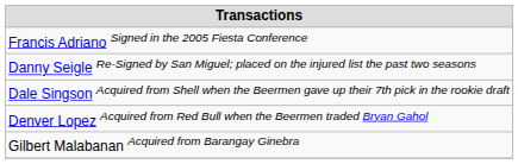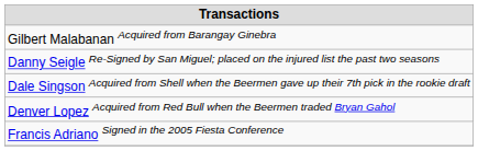 <table class="wikitable">
 <tr>
 <th style="background:#dddddd;">Transactions</th>
 </tr>
 <tr>
-<td><a href='#'>Francis Adriano</a> <sup><em>Signed in the 2005 Fiesta Conference</em></sup></td>
+<td>Gilbert Malabanan <sup><em>Acquired from Barangay Ginebra</em></sup></td>
 </tr>
 <tr>
 <td><a href='#'>Danny Seigle</a> <sup><em>Re-Signed by San Miguel; placed on the injured list the past two seasons</em></sup></td>
 </tr>
 <tr>
 <td><a href='#'>Dale Singson</a> <sup><em>Acquired from Shell when the Beermen gave up their 7th pick in the rookie draft</em></sup></td>
 </tr>
 <tr>
 <td><a href='#'>Denver Lopez</a> <sup><em>Acquired from Red Bull when the Beermen traded <a href='#'>Bryan Gahol</a></em></sup></td>
 </tr>
 <tr>
-<td>Gilbert Malabanan <sup><em>Acquired from Barangay Ginebra</em></sup></td>
+<td><a href='#'>Francis Adriano</a> <sup><em>Signed in the 2005 Fiesta Conference</em></sup></td>
 </tr>
 <tr>
 </tr>
 </table>
